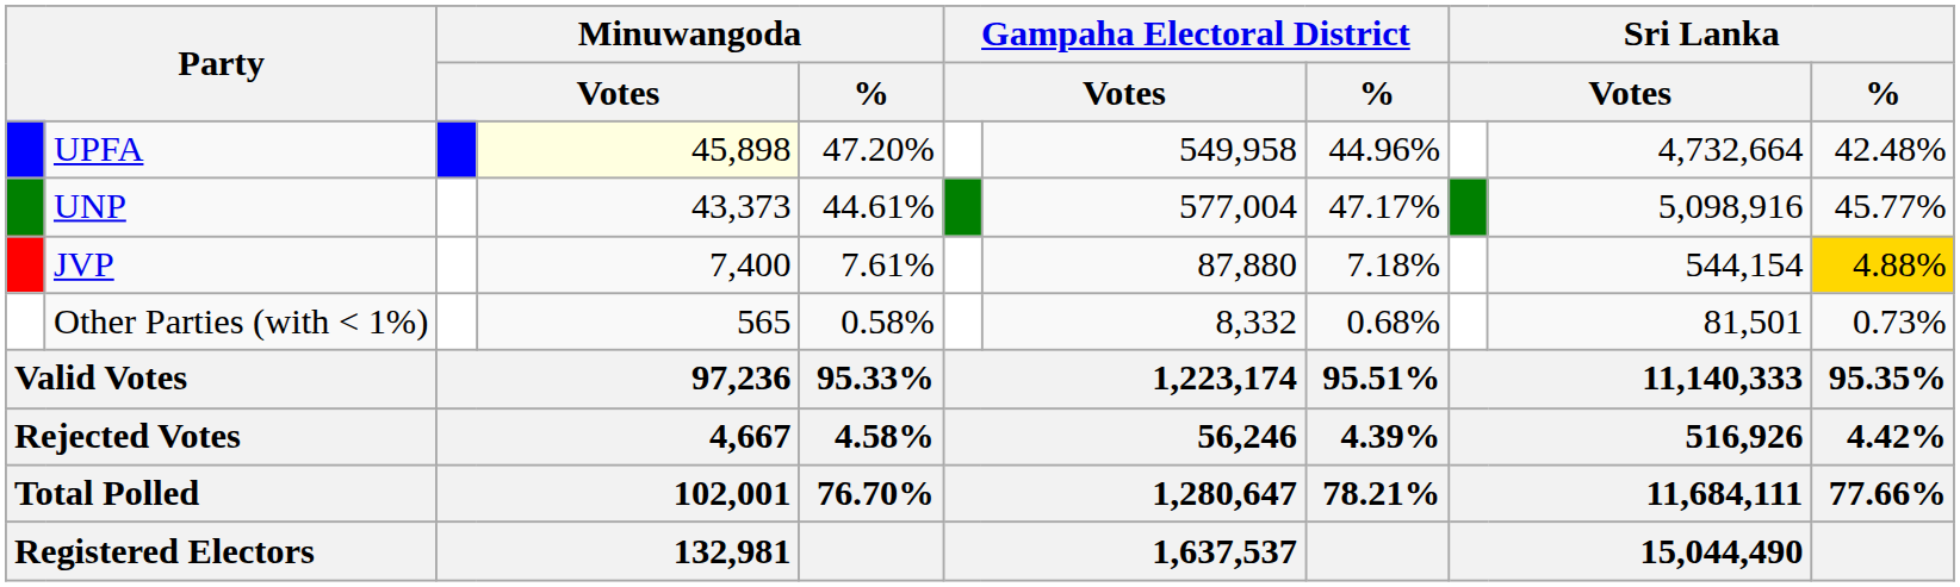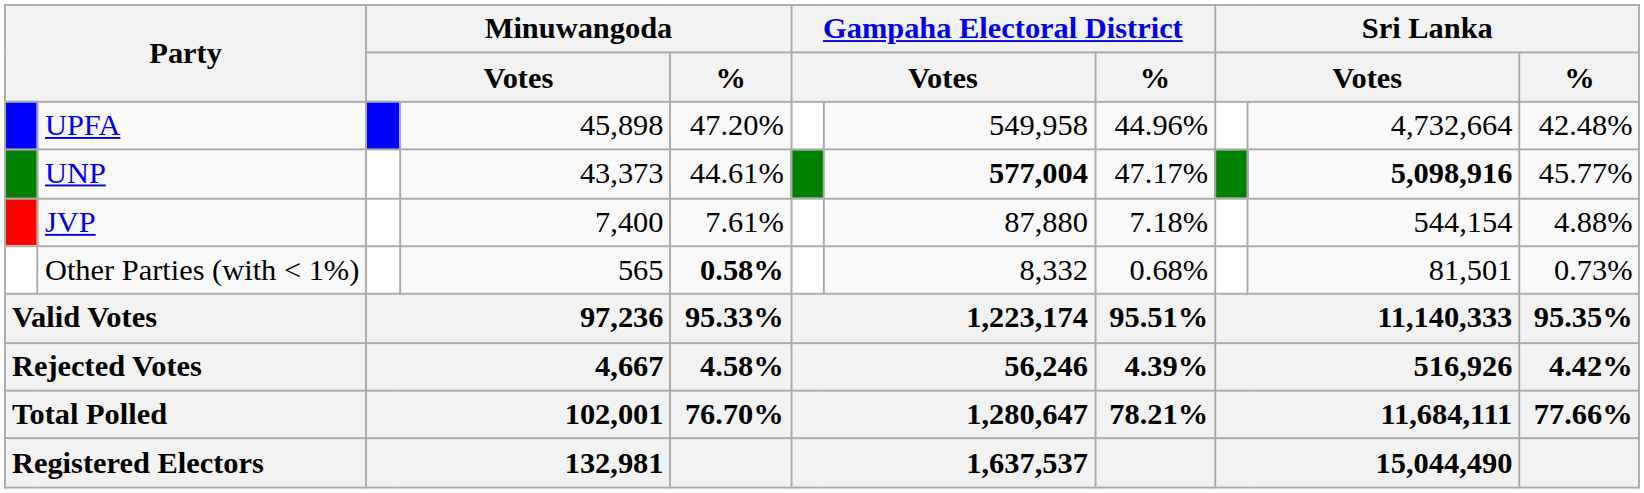 <table class="wikitable">
 <tr>
 <th colspan="2" width="144px"rowspan="2">Party</th>
 <th colspan="3" width="216px">Minuwangoda</th>
 <th colspan="3" width="216px"><a href='#'>Gampaha Electoral District</a></th>
 <th colspan="3" width="216px">Sri Lanka</th>
 </tr>
 <tr>
 <th colspan="2" width="144px">Votes</th>
 <th>%</th>
 <th colspan="2" width="144px">Votes</th>
 <th>%</th>
 <th colspan="2" width="144px">Votes</th>
 <th>%</th>
 </tr>
 <tr>
 <td style="background-color:blue;" width="10px"></td>
 <td style="text-align:left;"><a href='#'>UPFA</a></td>
 <td style="background-color:blue;" width="10px"></td>
-<td style="background: lightyellow; text-align:right;">45,898</td>
+<td style="text-align:right;">45,898</td>
 <td style="text-align:right;">47.20%</td>
 <td style="background-color:white;" width="10px"></td>
 <td style="text-align:right;">549,958</td>
 <td style="text-align:right;">44.96%</td>
 <td style="background-color:white;" width="10px"></td>
 <td style="text-align:right;">4,732,664</td>
 <td style="text-align:right;">42.48%</td>
 </tr>
 <tr>
 <td style="background-color:green;" width="10px"></td>
 <td style="text-align:left;"><a href='#'>UNP</a></td>
 <td style="background-color:white;" width="10px"></td>
 <td style="text-align:right;">43,373</td>
 <td style="text-align:right;">44.61%</td>
 <td style="background-color:green;" width="10px"></td>
-<td style="text-align:right;">577,004</td>
+<td style="text-align:right;"><strong>577,004</strong></td>
 <td style="text-align:right;">47.17%</td>
 <td style="background-color:green;" width="10px"></td>
-<td style="text-align:right;">5,098,916</td>
+<td style="text-align:right;"><strong>5,098,916</strong></td>
 <td style="text-align:right;">45.77%</td>
 </tr>
 <tr>
 <td style="background-color:red;" width="10px"></td>
 <td style="text-align:left;"><a href='#'>JVP</a></td>
 <td style="background-color:white;" width="10px"></td>
 <td style="text-align:right;">7,400</td>
 <td style="text-align:right;">7.61%</td>
 <td style="background-color:white;" width="10px"></td>
 <td style="text-align:right;">87,880</td>
 <td style="text-align:right;">7.18%</td>
 <td style="background-color:white;" width="10px"></td>
 <td style="text-align:right;">544,154</td>
-<td style="background: gold; text-align:right;">4.88%</td>
+<td style="text-align:right;">4.88%</td>
 </tr>
 <tr>
 <td style="background-color:white;" width="10px"></td>
 <td style="text-align:left;">Other Parties (with < 1%)</td>
 <td style="background-color:white;" width="10px"></td>
 <td style="text-align:right;">565</td>
-<td style="text-align:right;">0.58%</td>
+<td style="text-align:right;"><strong>0.58%</strong></td>
 <td style="background-color:white;" width="10px"></td>
 <td style="text-align:right;">8,332</td>
 <td style="text-align:right;">0.68%</td>
 <td style="background-color:white;" width="10px"></td>
 <td style="text-align:right;">81,501</td>
 <td style="text-align:right;">0.73%</td>
 </tr>
 <tr>
 <th colspan="2" width="144px"style="text-align:left;">Valid Votes</th>
 <th style="text-align:right;"colspan="2" width="144px">97,236</th>
 <th style="text-align:right;">95.33%</th>
 <th style="text-align:right;"colspan="2" width="144px">1,223,174</th>
 <th style="text-align:right;">95.51%</th>
 <th style="text-align:right;"colspan="2" width="144px">11,140,333</th>
 <th style="text-align:right;">95.35%</th>
 </tr>
 <tr>
 <th colspan="2" width="144px"style="text-align:left;">Rejected Votes</th>
 <th style="text-align:right;"colspan="2" width="144px">4,667</th>
 <th style="text-align:right;">4.58%</th>
 <th style="text-align:right;"colspan="2" width="144px">56,246</th>
 <th style="text-align:right;">4.39%</th>
 <th style="text-align:right;"colspan="2" width="144px">516,926</th>
 <th style="text-align:right;">4.42%</th>
 </tr>
 <tr>
 <th colspan="2" width="144px"style="text-align:left;">Total Polled</th>
 <th style="text-align:right;"colspan="2" width="144px">102,001</th>
 <th style="text-align:right;">76.70%</th>
 <th style="text-align:right;"colspan="2" width="144px">1,280,647</th>
 <th style="text-align:right;">78.21%</th>
 <th style="text-align:right;"colspan="2" width="144px">11,684,111</th>
 <th style="text-align:right;">77.66%</th>
 </tr>
 <tr>
 <th colspan="2" width="144px"style="text-align:left;">Registered Electors</th>
 <th style="text-align:right;"colspan="2" width="144px">132,981</th>
 <th></th>
 <th style="text-align:right;"colspan="2" width="144px">1,637,537</th>
 <th></th>
 <th style="text-align:right;"colspan="2" width="144px">15,044,490</th>
 <th></th>
 </tr>
 </table>
